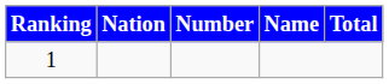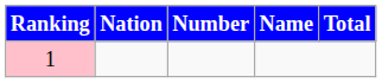 <table class="wikitable" style="font-size: 95%; text-align: center;">
 <tr>
 <th style="background:#00f; color:white; text-align:center;">Ranking</th>
 <th style="background:#00f; color:white; text-align:center;">Nation</th>
 <th style="background:#00f; color:white; text-align:center;">Number</th>
 <th style="background:#00f; color:white; text-align:center;">Name</th>
 <th style="background:#00f; color:white; text-align:center;">Total</th>
 </tr>
 <tr>
-<td>1</td>
+<td style="background: pink;">1</td>
 <td></td>
 <td></td>
 </tr>
 </table>
